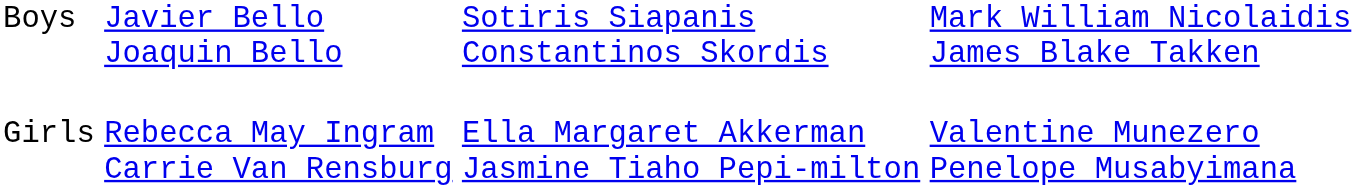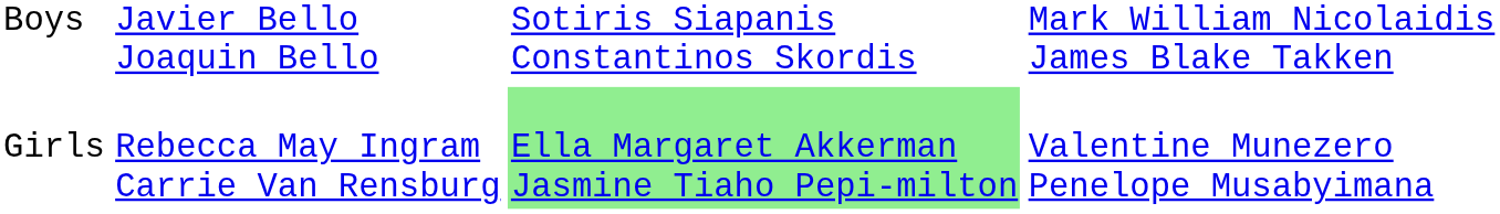 <table>
 <tr>
 <td>Boys</td>
 <td><br><a href='#'>Javier Bello</a><br><a href='#'>Joaquin Bello</a></td>
 <td><br><a href='#'>Sotiris Siapanis</a><br><a href='#'>Constantinos Skordis</a></td>
 <td><br><a href='#'>Mark William Nicolaidis</a><br><a href='#'>James Blake Takken</a></td>
 </tr>
 <tr>
 <td>Girls</td>
 <td><br><a href='#'>Rebecca May Ingram</a><br><a href='#'>Carrie Van Rensburg</a></td>
-<td><br><a href='#'>Ella Margaret Akkerman</a><br><a href='#'>Jasmine Tiaho Pepi-milton</a></td>
+<td style="background: lightgreen;"><br><a href='#'>Ella Margaret Akkerman</a><br><a href='#'>Jasmine Tiaho Pepi-milton</a></td>
 <td><br><a href='#'>Valentine Munezero</a><br><a href='#'>Penelope Musabyimana</a></td>
 </tr>
 </table>
